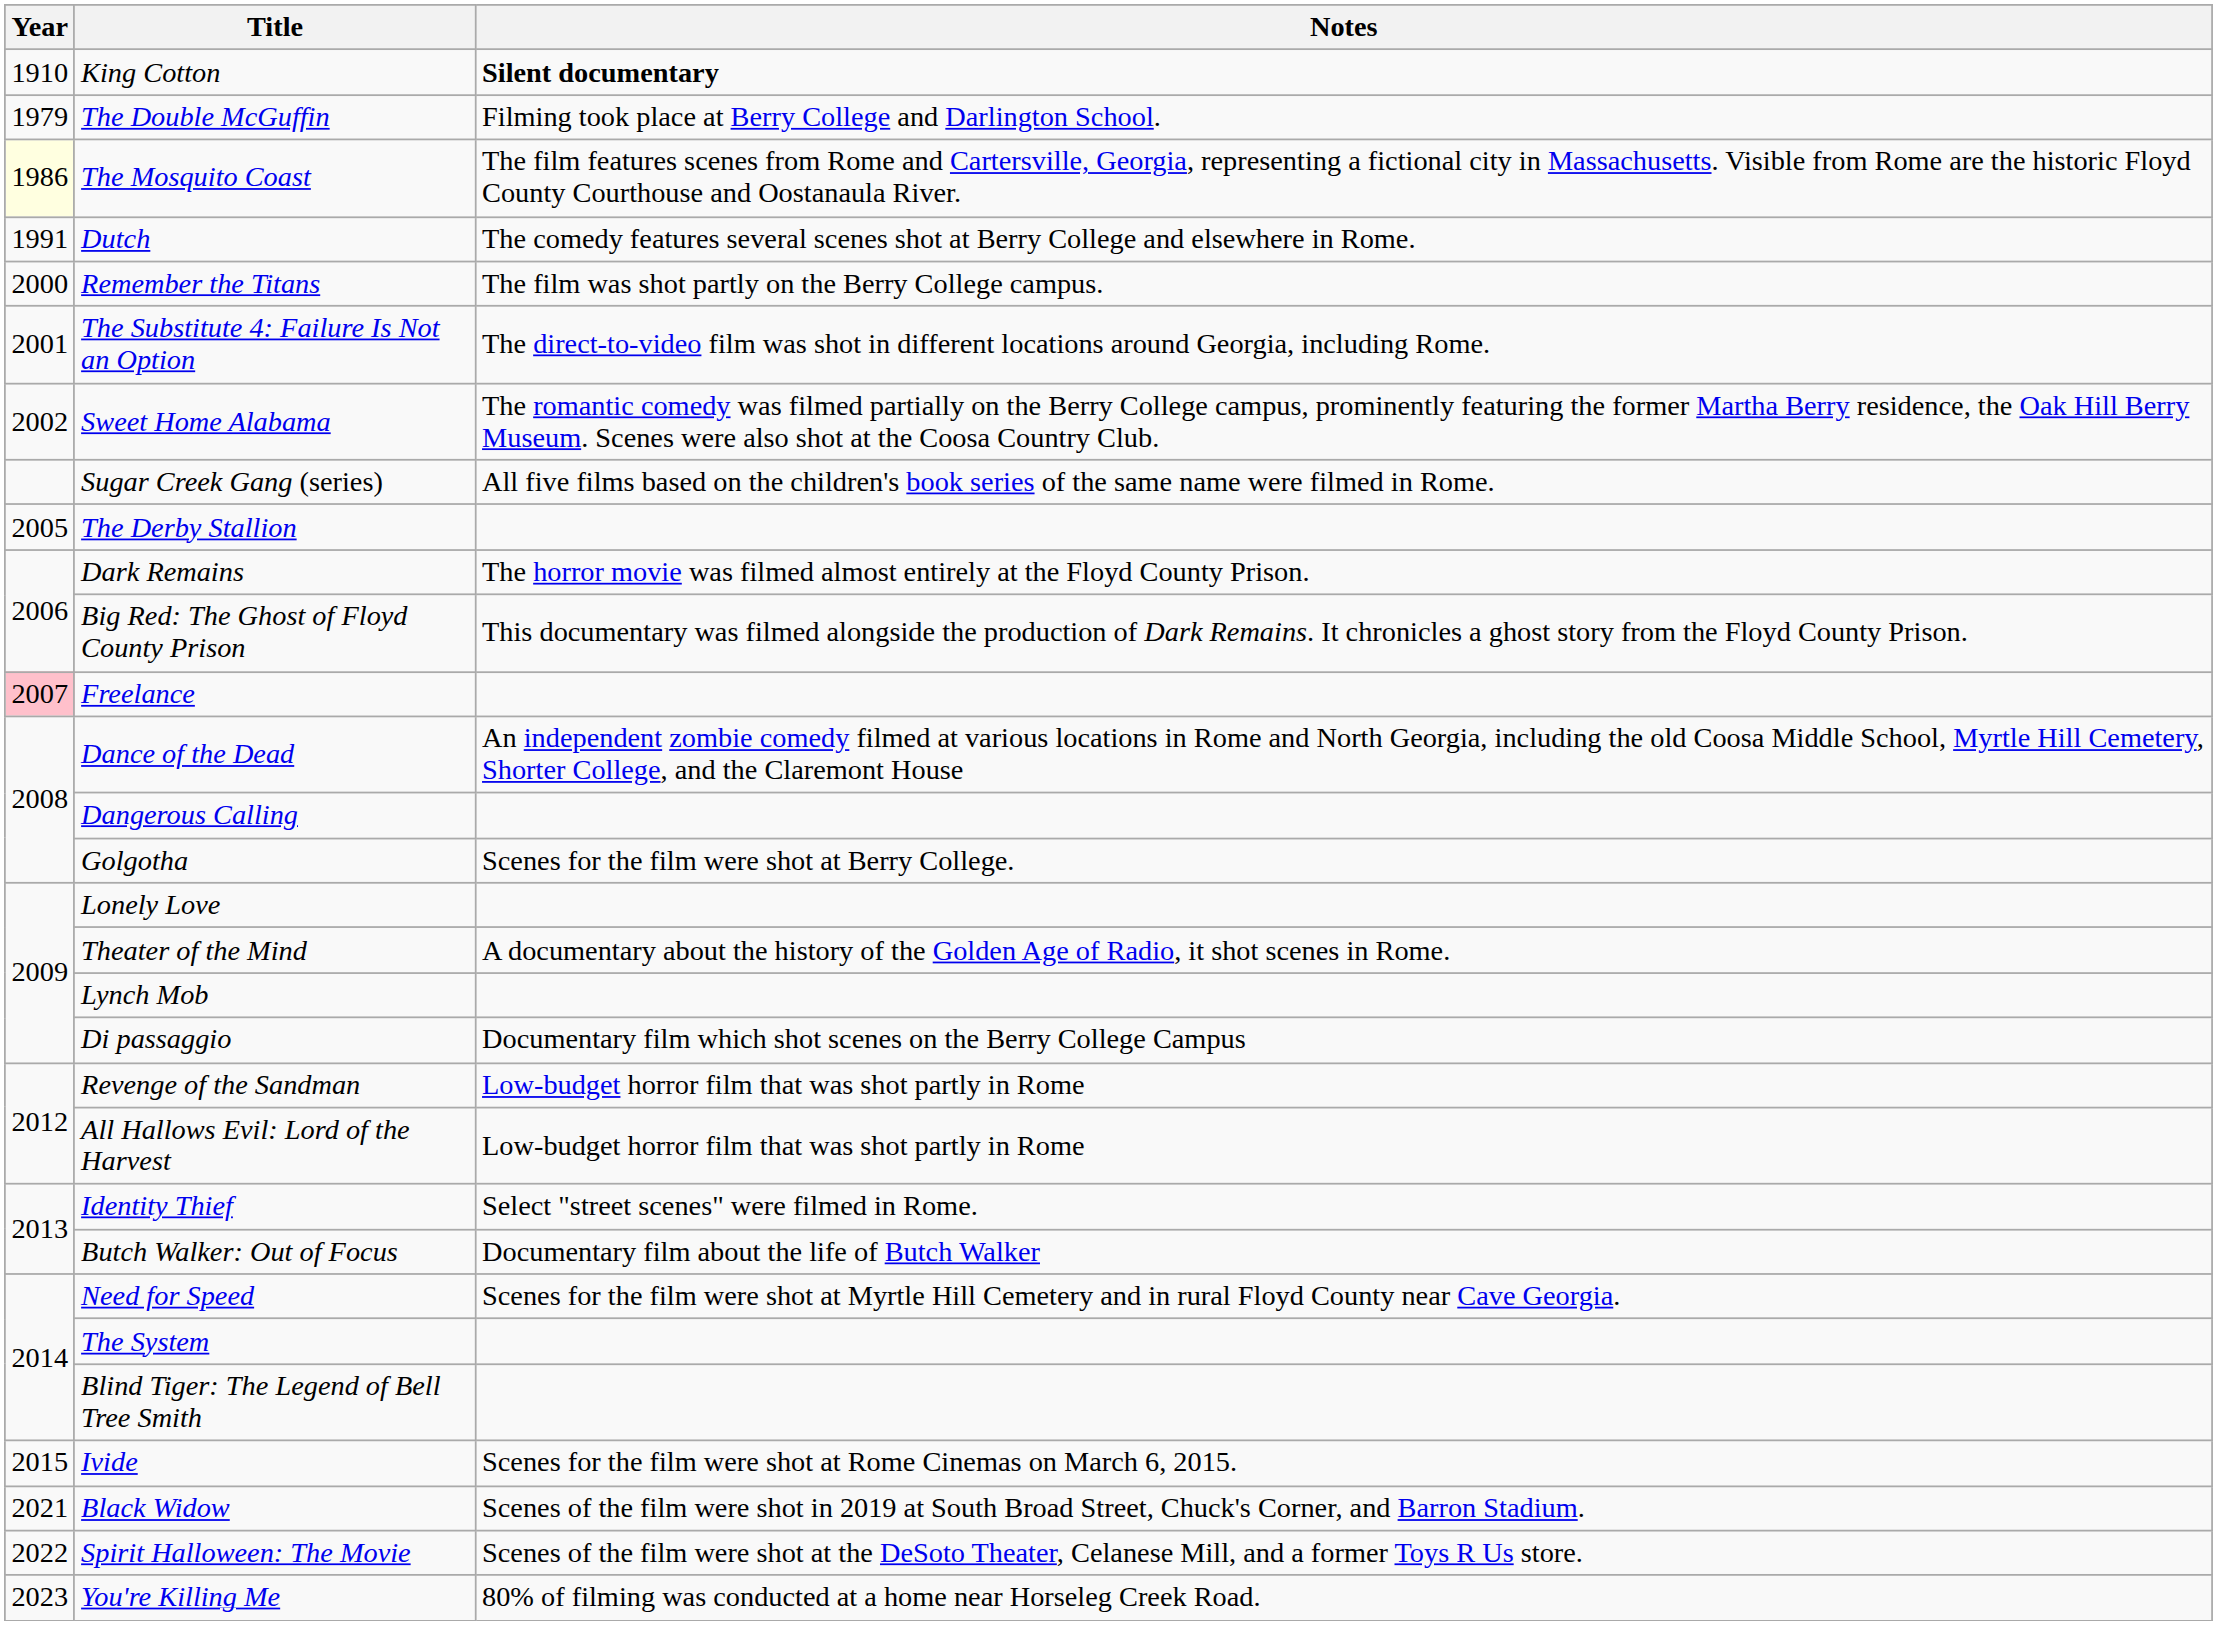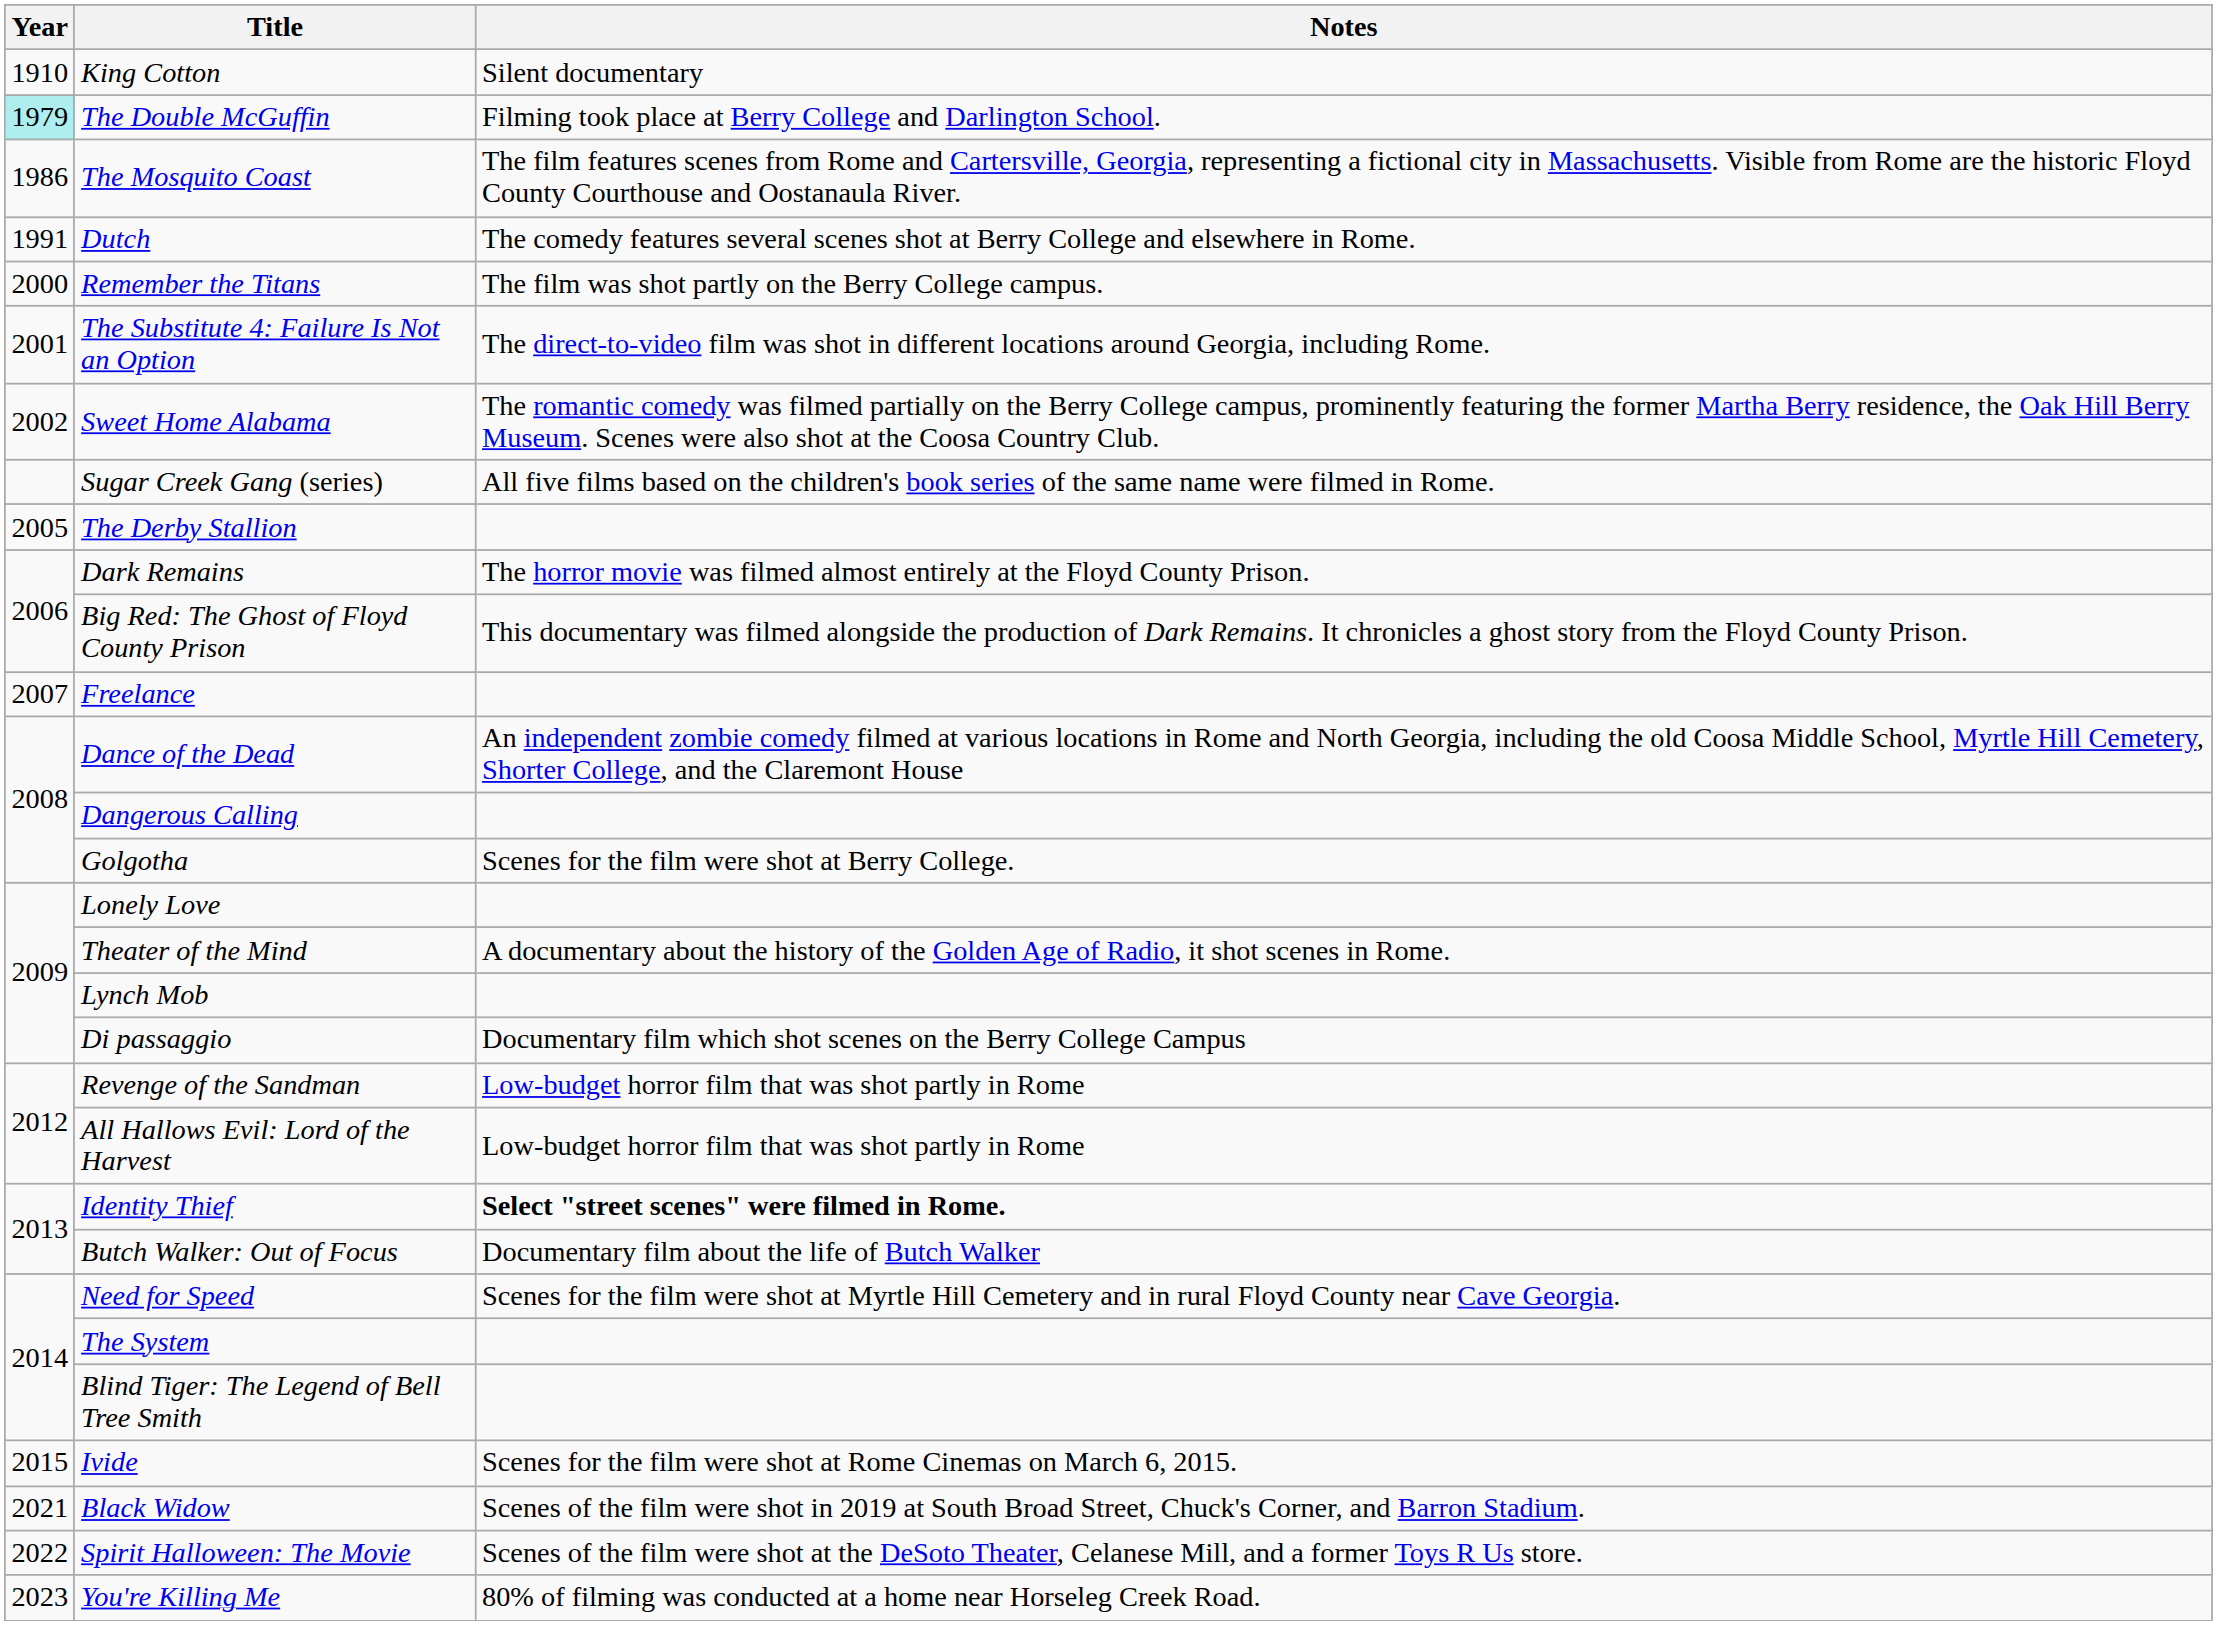 <table class="wikitable sortable">
 <tr>
 <th>Year</th>
 <th>Title</th>
 <th class="unsortable">Notes</th>
 </tr>
 <tr>
 <td>1910</td>
 <td><em>King Cotton</em></td>
-<td><strong>Silent documentary</strong></td>
+<td>Silent documentary</td>
 </tr>
 <tr>
-<td>1979</td>
+<td style="background: paleturquoise;">1979</td>
 <td><em><a href='#'>The Double McGuffin</a></em></td>
 <td>Filming took place at <a href='#'>Berry College</a> and <a href='#'>Darlington School</a>.</td>
 </tr>
 <tr>
-<td style="background: lightyellow;">1986</td>
+<td>1986</td>
 <td><em><a href='#'>The Mosquito Coast</a></em></td>
 <td>The film features scenes from Rome and <a href='#'>Cartersville, Georgia</a>, representing a fictional city in <a href='#'>Massachusetts</a>. Visible from Rome are the historic Floyd County Courthouse and Oostanaula River.</td>
 </tr>
 <tr>
 <td>1991</td>
 <td><em><a href='#'>Dutch</a></em></td>
 <td>The comedy features several scenes shot at Berry College and elsewhere in Rome.</td>
 </tr>
 <tr>
 <td>2000</td>
 <td><em><a href='#'>Remember the Titans</a></em></td>
 <td>The film was shot partly on the Berry College campus.</td>
 </tr>
 <tr>
 <td>2001</td>
 <td><em><a href='#'>The Substitute 4: Failure Is Not an Option</a></em></td>
 <td>The <a href='#'>direct-to-video</a> film was shot in different locations around Georgia, including Rome.</td>
 </tr>
 <tr>
 <td>2002</td>
 <td><em><a href='#'>Sweet Home Alabama</a></em></td>
 <td>The <a href='#'>romantic comedy</a> was filmed partially on the Berry College campus, prominently featuring the former <a href='#'>Martha Berry</a> residence, the <a href='#'>Oak Hill Berry Museum</a>. Scenes were also shot at the Coosa Country Club.</td>
 </tr>
 <tr>
 <td></td>
 <td><em>Sugar Creek Gang</em> (series)</td>
 <td>All five films based on the children's <a href='#'>book series</a> of the same name were filmed in Rome.</td>
 </tr>
 <tr>
 <td>2005</td>
 <td><em><a href='#'>The Derby Stallion</a></em></td>
 <td></td>
 </tr>
 <tr>
 <td rowspan="2">2006</td>
 <td><em>Dark Remains</em></td>
 <td>The <a href='#'>horror movie</a> was filmed almost entirely at the Floyd County Prison.</td>
 </tr>
 <tr>
 <td><em>Big Red: The Ghost of Floyd County Prison</em></td>
 <td>This documentary was filmed alongside the production of <em>Dark Remains</em>. It chronicles a ghost story from the Floyd County Prison.</td>
 </tr>
 <tr>
-<td style="background: pink;">2007</td>
+<td>2007</td>
 <td><em><a href='#'>Freelance</a></em></td>
 <td></td>
 </tr>
 <tr>
 <td rowspan="3">2008</td>
 <td><em><a href='#'>Dance of the Dead</a></em></td>
 <td>An <a href='#'>independent</a> <a href='#'>zombie comedy</a> filmed at various locations in Rome and North Georgia, including the old Coosa Middle School, <a href='#'>Myrtle Hill Cemetery</a>, <a href='#'>Shorter College</a>, and the Claremont House</td>
 </tr>
 <tr>
 <td><em><a href='#'>Dangerous Calling</a></em></td>
 <td></td>
 </tr>
 <tr>
 <td><em>Golgotha</em></td>
 <td>Scenes for the film were shot at Berry College.</td>
 </tr>
 <tr>
 <td rowspan="4">2009</td>
 <td><em>Lonely Love</em></td>
 <td></td>
 </tr>
 <tr>
 <td><em>Theater of the Mind</em></td>
 <td>A documentary about the history of the <a href='#'>Golden Age of Radio</a>, it shot scenes in Rome.</td>
 </tr>
 <tr>
 <td><em>Lynch Mob</em></td>
 <td></td>
 </tr>
 <tr>
 <td><em>Di passaggio</em></td>
 <td>Documentary film which shot scenes on the Berry College Campus</td>
 </tr>
 <tr>
 <td rowspan="2">2012</td>
 <td><em>Revenge of the Sandman</em></td>
 <td><a href='#'>Low-budget</a> horror film that was shot partly in Rome</td>
 </tr>
 <tr>
 <td><em>All Hallows Evil: Lord of the Harvest</em></td>
 <td>Low-budget horror film that was shot partly in Rome</td>
 </tr>
 <tr>
 <td rowspan="2">2013</td>
 <td><em><a href='#'>Identity Thief</a></em></td>
-<td>Select "street scenes" were filmed in Rome.</td>
+<td><strong>Select "street scenes" were filmed in Rome.</strong></td>
 </tr>
 <tr>
 <td><em>Butch Walker: Out of Focus</em></td>
 <td>Documentary film about the life of <a href='#'>Butch Walker</a></td>
 </tr>
 <tr>
 <td rowspan="3">2014</td>
 <td><em><a href='#'>Need for Speed</a></em></td>
 <td>Scenes for the film were shot at Myrtle Hill Cemetery and in rural Floyd County near <a href='#'>Cave Georgia</a>.</td>
 </tr>
 <tr>
 <td><em><a href='#'>The System</a></em></td>
 <td></td>
 </tr>
 <tr>
 <td><em>Blind Tiger: The Legend of Bell Tree Smith</em></td>
 <td></td>
 </tr>
 <tr>
 <td>2015</td>
 <td><em><a href='#'>Ivide</a></em></td>
 <td>Scenes for the film were shot at Rome Cinemas on March 6, 2015.</td>
 </tr>
 <tr>
 <td>2021</td>
 <td><em><a href='#'>Black Widow</a></em></td>
 <td>Scenes of the film were shot in 2019 at South Broad Street, Chuck's Corner,  and <a href='#'>Barron Stadium</a>.</td>
 </tr>
 <tr>
 <td>2022</td>
 <td><em><a href='#'>Spirit Halloween: The Movie</a></em></td>
 <td>Scenes of the film were shot at the <a href='#'>DeSoto Theater</a>, Celanese Mill, and a former <a href='#'>Toys R Us</a> store.</td>
 </tr>
 <tr>
 <td>2023</td>
 <td><em><a href='#'>You're Killing Me</a></em></td>
 <td>80% of filming was conducted at a home near Horseleg Creek Road.</td>
 </tr>
 </table>
